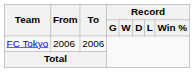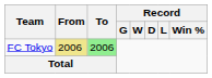 <table class="wikitable" style="text-align: center">
 <tr>
 <th rowspan="2">Team</th>
 <th rowspan="2">From</th>
 <th rowspan="2">To</th>
 <th colspan="5">Record</th>
 </tr>
 <tr>
 <th>G</th>
 <th>W</th>
 <th>D</th>
 <th>L</th>
 <th>Win %</th>
 </tr>
 <tr>
 <td align="left"><a href='#'>FC Tokyo</a></td>
-<td align="left">2006</td>
-<td align="left">2006<br></td>
+<td align="left" style="background: khaki;">2006</td>
+<td align="left" style="background: lightgreen;">2006<br></td>
 </tr>
 <tr>
 <th colspan="3">Total<br></th>
 </tr>
 </table>
